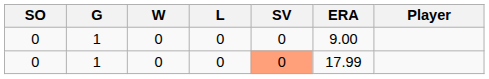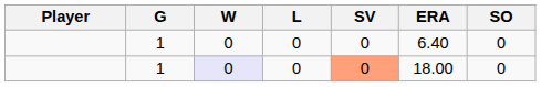 <table class="wikitable sortable">
 <tr>
-<th bgcolor="#DDDDFF" width="9%">SO</th>
+<th bgcolor="#DDDDFF" width="16%">Player</th>
 <th bgcolor="#DDDDFF" width="9%">G</th>
 <th bgcolor="#DDDDFF" width="9%">W</th>
 <th bgcolor="#DDDDFF" width="9%">L</th>
 <th bgcolor="#DDDDFF" width="9%">SV</th>
 <th bgcolor="#DDDDFF" width="9%">ERA</th>
-<th bgcolor="#DDDDFF" width="16%">Player</th>
+<th bgcolor="#DDDDFF" width="9%">SO</th>
 </tr>
 <tr align="center">
-<td>0</td>
+<td></td>
 <td>1</td>
 <td>0</td>
 <td>0</td>
 <td>0</td>
-<td>9.00</td>
-<td></td>
+<td>6.40</td>
+<td>0</td>
 </tr>
 <tr align="center">
-<td>0</td>
+<td></td>
 <td>1</td>
-<td>0</td>
+<td style="background: lavender;">0</td>
 <td>0</td>
 <td style="background: lightsalmon;">0</td>
-<td>17.99</td>
-<td></td>
+<td>18.00</td>
+<td>0</td>
 </tr>
 </table>
